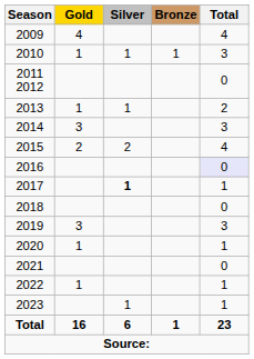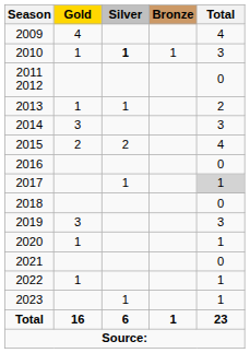 <table class="wikitable" style="text-align:center;">
 <tr>
 <th width = "55">Season</th>
 <th width = "55" style="background: gold;">Gold</th>
 <th width = "55" style="background: silver;">Silver</th>
 <th width = "55" style="background: #cc9966;">Bronze</th>
 <th width = "55">Total</th>
 </tr>
 <tr>
 <td>2009</td>
 <td>4</td>
 <td></td>
 <td></td>
 <td>4</td>
 </tr>
 <tr>
 <td>2010</td>
 <td>1</td>
-<td>1</td>
+<td><strong>1</strong></td>
 <td>1</td>
 <td>3</td>
 </tr>
 <tr>
 <td>2011<br> 2012</td>
 <td></td>
 <td></td>
 <td></td>
 <td>0</td>
 </tr>
 <tr>
 <td>2013</td>
 <td>1</td>
 <td>1</td>
 <td></td>
 <td>2</td>
 </tr>
 <tr>
 <td>2014</td>
 <td>3</td>
 <td></td>
 <td></td>
 <td>3</td>
 </tr>
 <tr>
 <td>2015</td>
 <td>2</td>
 <td>2</td>
 <td></td>
 <td>4</td>
 </tr>
 <tr>
 <td>2016</td>
 <td></td>
 <td></td>
 <td></td>
-<td style="background: lavender;">0</td>
+<td>0</td>
 </tr>
 <tr>
 <td>2017</td>
 <td></td>
-<td><strong>1</strong></td>
+<td>1</td>
 <td></td>
-<td>1</td>
+<td style="background: lightgrey;">1</td>
 </tr>
 <tr>
 <td>2018</td>
 <td></td>
 <td></td>
 <td></td>
 <td>0</td>
 </tr>
 <tr>
 <td>2019</td>
 <td>3</td>
 <td></td>
 <td></td>
 <td>3</td>
 </tr>
 <tr>
 <td>2020</td>
 <td>1</td>
 <td></td>
 <td></td>
 <td>1</td>
 </tr>
 <tr>
 <td>2021</td>
 <td></td>
 <td></td>
 <td></td>
 <td>0</td>
 </tr>
 <tr>
 <td>2022</td>
 <td>1</td>
 <td></td>
 <td></td>
 <td>1</td>
 </tr>
 <tr>
 <td>2023</td>
 <td></td>
 <td>1</td>
 <td></td>
 <td>1</td>
 </tr>
 <tr>
 <td><strong>Total</strong></td>
 <td><strong>16</strong></td>
 <td><strong>6</strong></td>
 <td><strong>1</strong></td>
 <td><strong>23</strong></td>
 </tr>
 <tr>
 <td colspan="5" style="text-align: center;"><strong>Source:</strong></td>
 </tr>
 </table>
